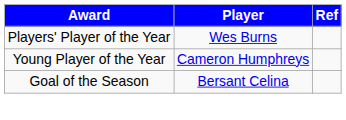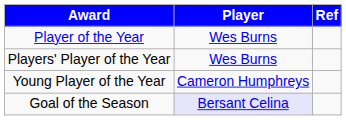 <table class="wikitable" style="text-align:center">
 <tr>
 <th style="background:blue; color:white; width=0%">Award</th>
 <th style="background:blue; color:white; width=0%">Player</th>
 <th style="background:blue; color:white; width=0%">Ref</th>
+</tr>
+<tr>
+<td><a href='#'>Player of the Year</a></td>
+<td> <a href='#'>Wes Burns</a></td>
+<td></td>
 </tr>
 <tr>
 <td>Players' Player of the Year</td>
 <td> <a href='#'>Wes Burns</a></td>
 <td></td>
 </tr>
 <tr>
 <td>Young Player of the Year</td>
 <td> <a href='#'>Cameron Humphreys</a></td>
 <td></td>
 </tr>
 <tr>
 <td>Goal of the Season</td>
-<td> <a href='#'>Bersant Celina</a></td>
+<td style="background: lavender;"> <a href='#'>Bersant Celina</a></td>
 <td></td>
 </tr>
 </table>
